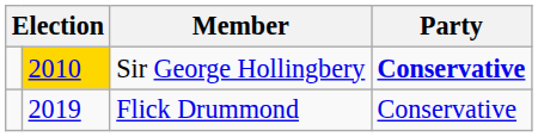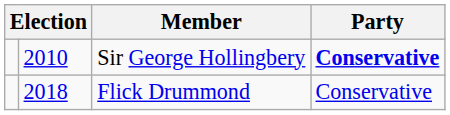 <table class="wikitable">
 <tr>
 <th colspan="2">Election</th>
 <th>Member</th>
 <th>Party</th>
 </tr>
 <tr>
 <td style="color:inherit;background-color: "></td>
-<td style="background: gold;"><a href='#'>2010</a></td>
+<td><a href='#'>2010</a></td>
 <td>Sir <a href='#'>George Hollingbery</a></td>
 <td><strong><a href='#'>Conservative</a></strong></td>
 </tr>
 <tr>
 <td style="color:inherit;background-color: "></td>
-<td><a href='#'>2019</a></td>
+<td><a href='#'>2018</a></td>
 <td><a href='#'>Flick Drummond</a></td>
 <td><a href='#'>Conservative</a></td>
 </tr>
 </table>
